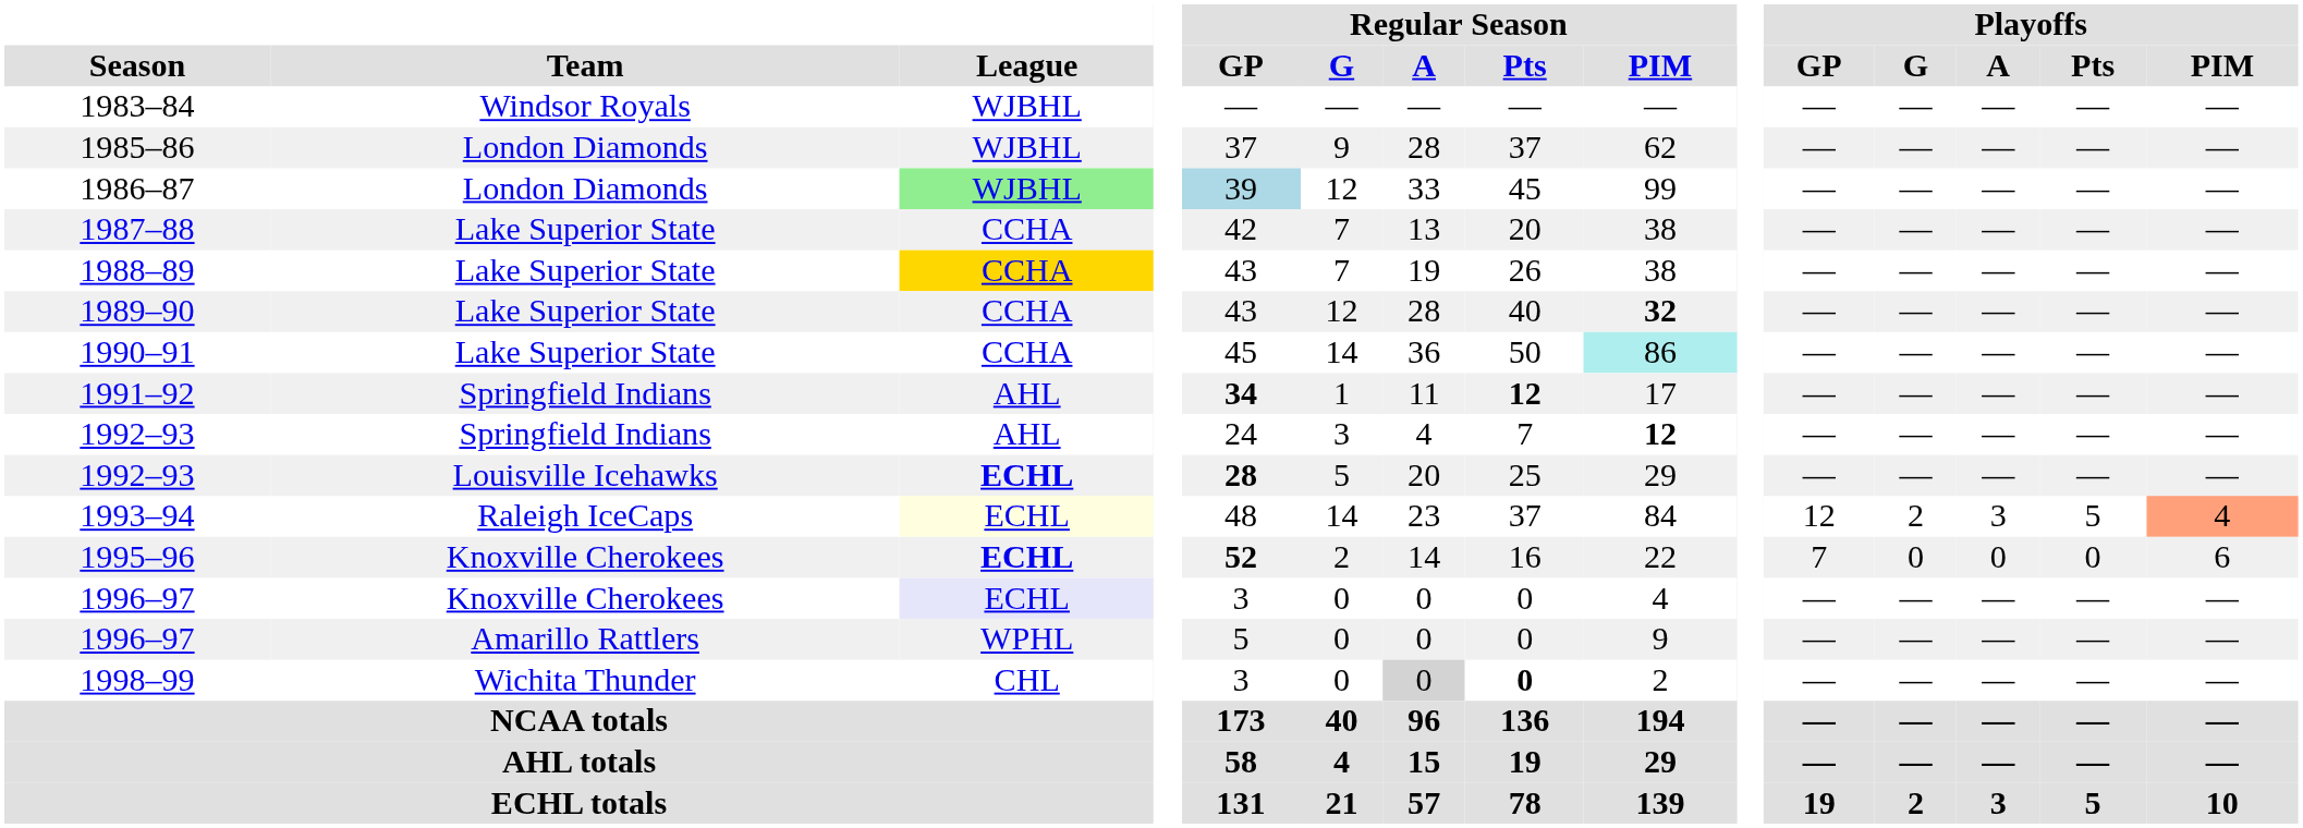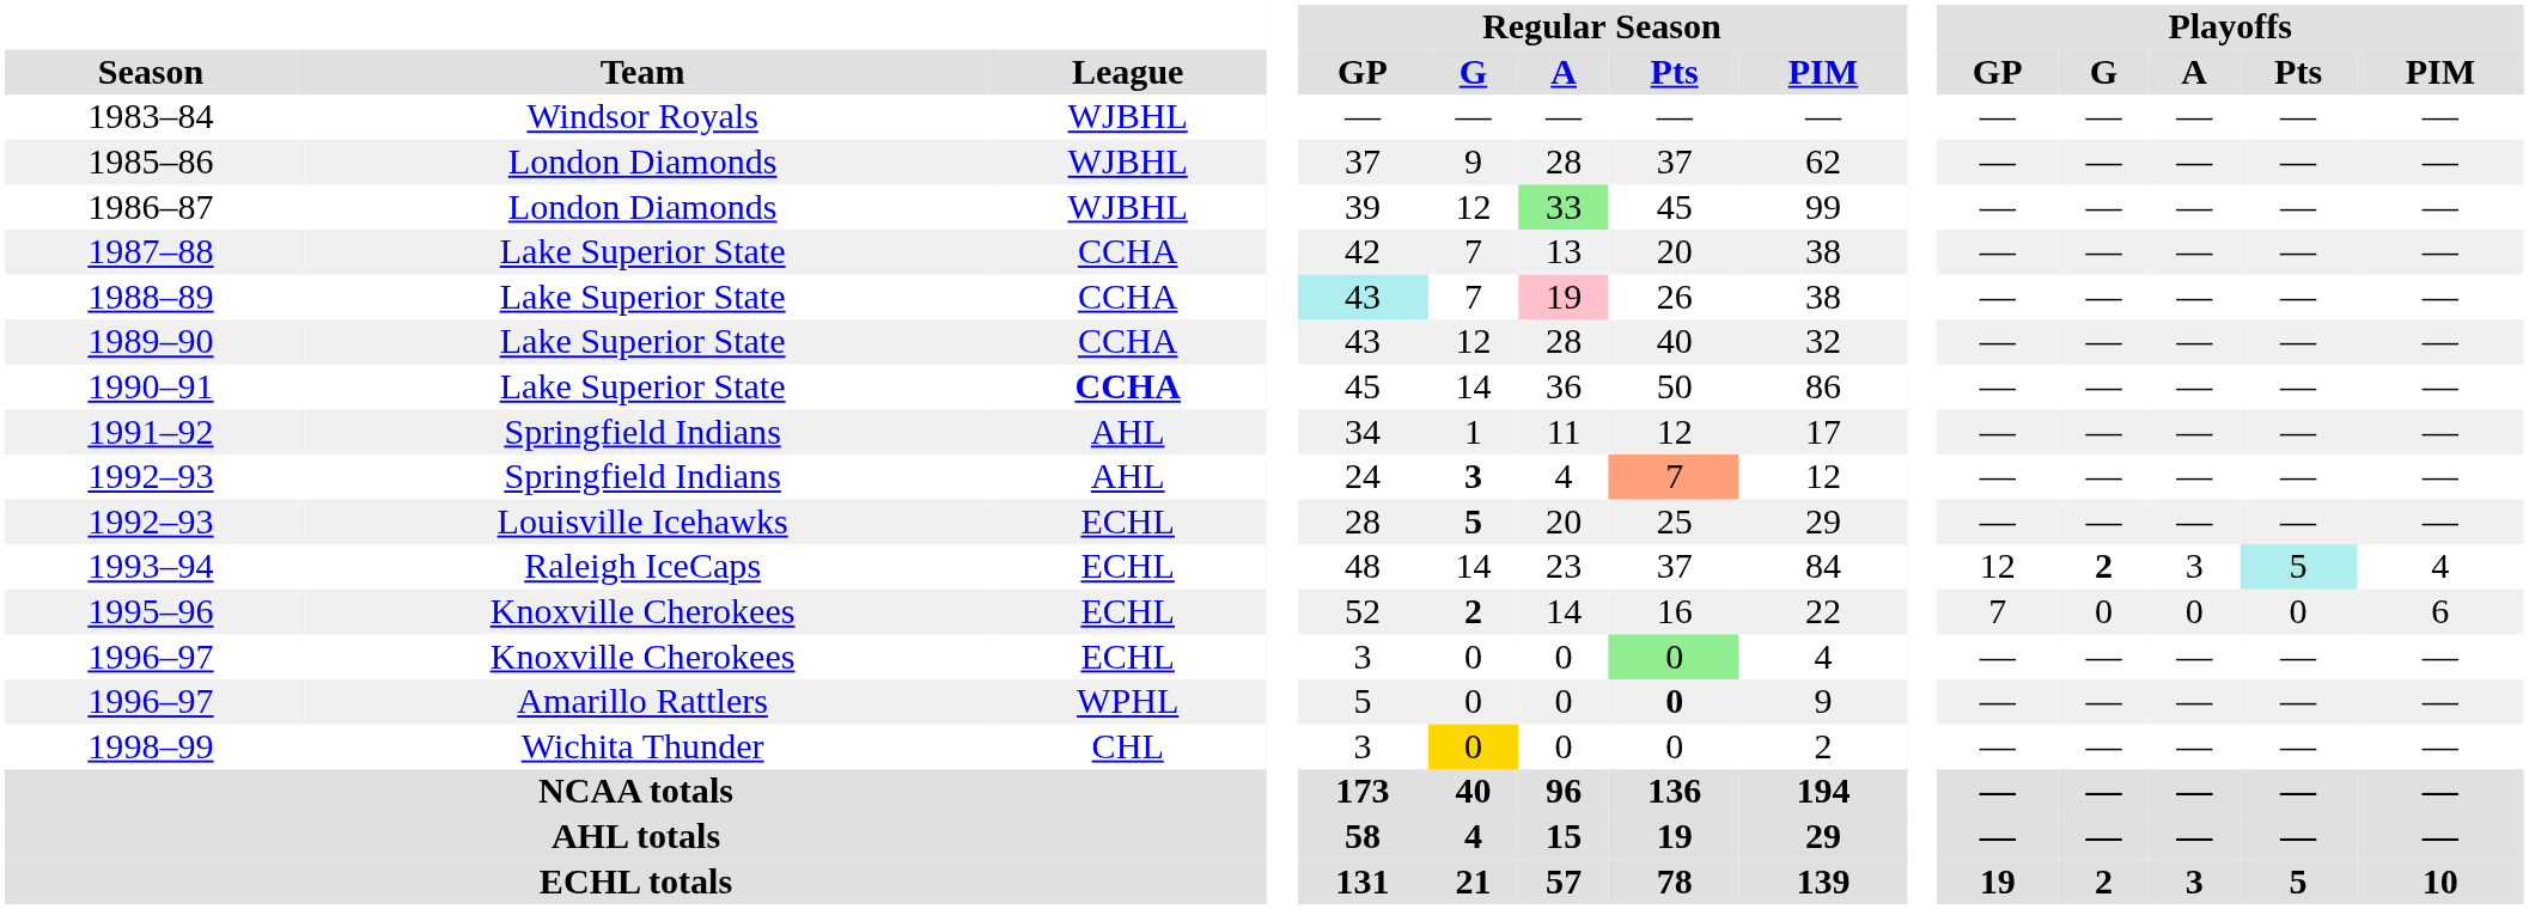 <table border="0" cellpadding="1" cellspacing="0" style="text-align:center; width:70em">
 <tr bgcolor="#e0e0e0">
 <th colspan="3"  bgcolor="#ffffff"> </th>
 <th rowspan="99" bgcolor="#ffffff"> </th>
 <th colspan="5">Regular Season</th>
 <th rowspan="99" bgcolor="#ffffff"> </th>
 <th colspan="5">Playoffs</th>
 </tr>
 <tr bgcolor="#e0e0e0">
 <th>Season</th>
 <th>Team</th>
 <th>League</th>
 <th>GP</th>
 <th><a href='#'>G</a></th>
 <th><a href='#'>A</a></th>
 <th><a href='#'>Pts</a></th>
 <th><a href='#'>PIM</a></th>
 <th>GP</th>
 <th>G</th>
 <th>A</th>
 <th>Pts</th>
 <th>PIM</th>
 </tr>
 <tr>
 <td>1983–84</td>
 <td><a href='#'>Windsor Royals</a></td>
 <td><a href='#'>WJBHL</a></td>
 <td>—</td>
 <td>—</td>
 <td>—</td>
 <td>—</td>
 <td>—</td>
 <td>—</td>
 <td>—</td>
 <td>—</td>
 <td>—</td>
 <td>—</td>
 </tr>
 <tr bgcolor="f0f0f0">
 <td>1985–86</td>
 <td><a href='#'>London Diamonds</a></td>
 <td><a href='#'>WJBHL</a></td>
 <td>37</td>
 <td>9</td>
 <td>28</td>
 <td>37</td>
 <td>62</td>
 <td>—</td>
 <td>—</td>
 <td>—</td>
 <td>—</td>
 <td>—</td>
 </tr>
 <tr>
 <td>1986–87</td>
 <td><a href='#'>London Diamonds</a></td>
-<td style="background: lightgreen;"><a href='#'>WJBHL</a></td>
-<td style="background: lightblue;">39</td>
+<td><a href='#'>WJBHL</a></td>
+<td>39</td>
 <td>12</td>
-<td>33</td>
+<td style="background: lightgreen;">33</td>
 <td>45</td>
 <td>99</td>
 <td>—</td>
 <td>—</td>
 <td>—</td>
 <td>—</td>
 <td>—</td>
 </tr>
 <tr bgcolor="f0f0f0">
 <td><a href='#'>1987–88</a></td>
 <td><a href='#'>Lake Superior State</a></td>
 <td><a href='#'>CCHA</a></td>
 <td>42</td>
 <td>7</td>
 <td>13</td>
 <td>20</td>
 <td>38</td>
 <td>—</td>
 <td>—</td>
 <td>—</td>
 <td>—</td>
 <td>—</td>
 </tr>
 <tr>
 <td><a href='#'>1988–89</a></td>
 <td><a href='#'>Lake Superior State</a></td>
-<td style="background: gold;"><a href='#'>CCHA</a></td>
-<td>43</td>
+<td><a href='#'>CCHA</a></td>
+<td style="background: paleturquoise;">43</td>
 <td>7</td>
-<td>19</td>
+<td style="background: pink;">19</td>
 <td>26</td>
 <td>38</td>
 <td>—</td>
 <td>—</td>
 <td>—</td>
 <td>—</td>
 <td>—</td>
 </tr>
 <tr bgcolor="f0f0f0">
 <td><a href='#'>1989–90</a></td>
 <td><a href='#'>Lake Superior State</a></td>
 <td><a href='#'>CCHA</a></td>
 <td>43</td>
 <td>12</td>
 <td>28</td>
 <td>40</td>
-<td><strong>32</strong></td>
+<td>32</td>
 <td>—</td>
 <td>—</td>
 <td>—</td>
 <td>—</td>
 <td>—</td>
 </tr>
 <tr>
 <td><a href='#'>1990–91</a></td>
 <td><a href='#'>Lake Superior State</a></td>
-<td><a href='#'>CCHA</a></td>
+<td><strong><a href='#'>CCHA</a></strong></td>
 <td>45</td>
 <td>14</td>
 <td>36</td>
 <td>50</td>
-<td style="background: paleturquoise;">86</td>
+<td>86</td>
 <td>—</td>
 <td>—</td>
 <td>—</td>
 <td>—</td>
 <td>—</td>
 </tr>
 <tr bgcolor="f0f0f0">
 <td><a href='#'>1991–92</a></td>
 <td><a href='#'>Springfield Indians</a></td>
 <td><a href='#'>AHL</a></td>
-<td><strong>34</strong></td>
+<td>34</td>
 <td>1</td>
 <td>11</td>
-<td><strong>12</strong></td>
+<td>12</td>
 <td>17</td>
 <td>—</td>
 <td>—</td>
 <td>—</td>
 <td>—</td>
 <td>—</td>
 </tr>
 <tr>
 <td><a href='#'>1992–93</a></td>
 <td><a href='#'>Springfield Indians</a></td>
 <td><a href='#'>AHL</a></td>
 <td>24</td>
-<td>3</td>
+<td><strong>3</strong></td>
 <td>4</td>
-<td>7</td>
-<td><strong>12</strong></td>
+<td style="background: lightsalmon;">7</td>
+<td>12</td>
 <td>—</td>
 <td>—</td>
 <td>—</td>
 <td>—</td>
 <td>—</td>
 </tr>
 <tr bgcolor="f0f0f0">
 <td><a href='#'>1992–93</a></td>
 <td><a href='#'>Louisville Icehawks</a></td>
-<td><strong><a href='#'>ECHL</a></strong></td>
-<td><strong>28</strong></td>
-<td>5</td>
+<td><a href='#'>ECHL</a></td>
+<td>28</td>
+<td><strong>5</strong></td>
 <td>20</td>
 <td>25</td>
 <td>29</td>
 <td>—</td>
 <td>—</td>
 <td>—</td>
 <td>—</td>
 <td>—</td>
 </tr>
 <tr>
 <td><a href='#'>1993–94</a></td>
 <td><a href='#'>Raleigh IceCaps</a></td>
-<td style="background: lightyellow;"><a href='#'>ECHL</a></td>
+<td><a href='#'>ECHL</a></td>
 <td>48</td>
 <td>14</td>
 <td>23</td>
 <td>37</td>
 <td>84</td>
 <td>12</td>
-<td>2</td>
+<td><strong>2</strong></td>
 <td>3</td>
-<td>5</td>
-<td style="background: lightsalmon;">4</td>
+<td style="background: paleturquoise;">5</td>
+<td>4</td>
 </tr>
 <tr bgcolor="f0f0f0">
 <td><a href='#'>1995–96</a></td>
 <td><a href='#'>Knoxville Cherokees</a></td>
-<td><strong><a href='#'>ECHL</a></strong></td>
-<td><strong>52</strong></td>
-<td>2</td>
+<td><a href='#'>ECHL</a></td>
+<td>52</td>
+<td><strong>2</strong></td>
 <td>14</td>
 <td>16</td>
 <td>22</td>
 <td>7</td>
 <td>0</td>
 <td>0</td>
 <td>0</td>
 <td>6</td>
 </tr>
 <tr>
 <td><a href='#'>1996–97</a></td>
 <td><a href='#'>Knoxville Cherokees</a></td>
-<td style="background: lavender;"><a href='#'>ECHL</a></td>
+<td><a href='#'>ECHL</a></td>
 <td>3</td>
 <td>0</td>
 <td>0</td>
-<td>0</td>
+<td style="background: lightgreen;">0</td>
 <td>4</td>
 <td>—</td>
 <td>—</td>
 <td>—</td>
 <td>—</td>
 <td>—</td>
 </tr>
 <tr bgcolor="f0f0f0">
 <td><a href='#'>1996–97</a></td>
 <td><a href='#'>Amarillo Rattlers</a></td>
 <td><a href='#'>WPHL</a></td>
 <td>5</td>
 <td>0</td>
 <td>0</td>
-<td>0</td>
+<td><strong>0</strong></td>
 <td>9</td>
 <td>—</td>
 <td>—</td>
 <td>—</td>
 <td>—</td>
 <td>—</td>
 </tr>
 <tr>
 <td><a href='#'>1998–99</a></td>
 <td><a href='#'>Wichita Thunder</a></td>
 <td><a href='#'>CHL</a></td>
 <td>3</td>
+<td style="background: gold;">0</td>
 <td>0</td>
-<td style="background: lightgrey;">0</td>
-<td><strong>0</strong></td>
+<td>0</td>
 <td>2</td>
 <td>—</td>
 <td>—</td>
 <td>—</td>
 <td>—</td>
 <td>—</td>
 </tr>
 <tr bgcolor="#e0e0e0">
 <th colspan="3">NCAA totals</th>
 <th>173</th>
 <th>40</th>
 <th>96</th>
 <th>136</th>
 <th>194</th>
 <th>—</th>
 <th>—</th>
 <th>—</th>
 <th>—</th>
 <th>—</th>
 </tr>
 <tr bgcolor="#e0e0e0">
 <th colspan="3">AHL totals</th>
 <th>58</th>
 <th>4</th>
 <th>15</th>
 <th>19</th>
 <th>29</th>
 <th>—</th>
 <th>—</th>
 <th>—</th>
 <th>—</th>
 <th>—</th>
 </tr>
 <tr bgcolor="#e0e0e0">
 <th colspan="3">ECHL totals</th>
 <th>131</th>
 <th>21</th>
 <th>57</th>
 <th>78</th>
 <th>139</th>
 <th>19</th>
 <th>2</th>
 <th>3</th>
 <th>5</th>
 <th>10</th>
 </tr>
 </table>
